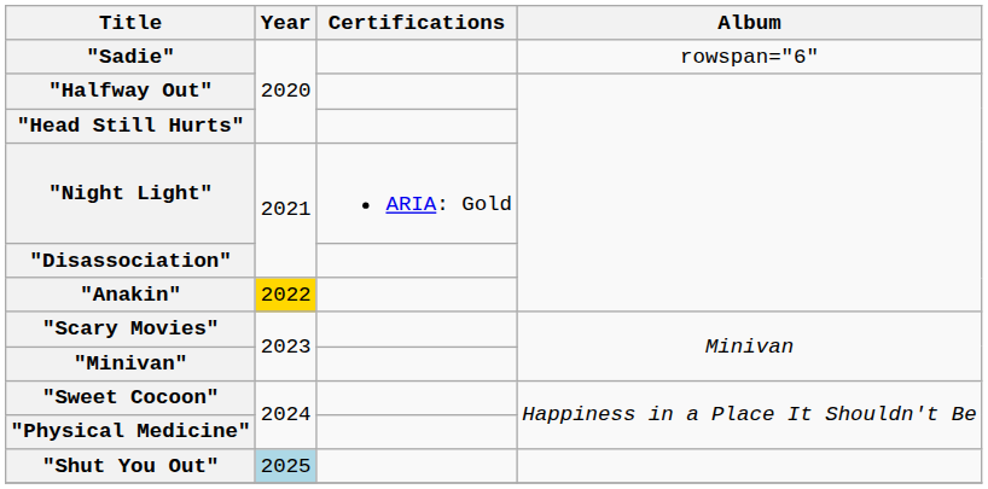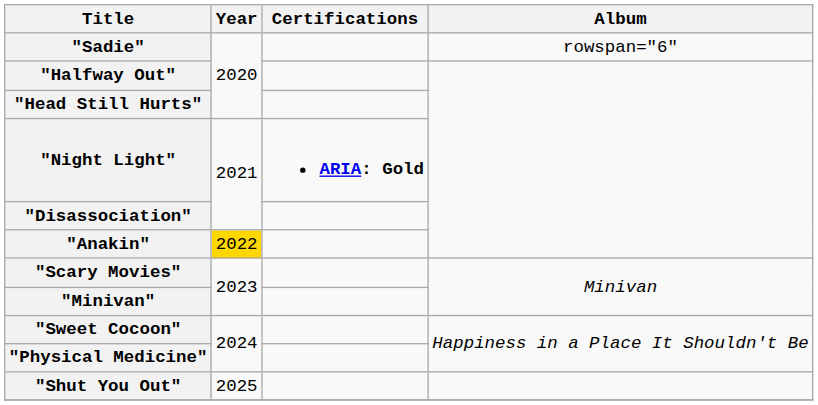 <table class="wikitable plainrowheaders" style="text-align:center;">
 <tr>
 <th scope="col">Title</th>
 <th scope="col">Year</th>
 <th scope="col">Certifications</th>
 <th scope="col">Album</th>
 </tr>
 <tr>
 <th scope="row">"Sadie"</th>
 <td rowspan="3">2020</td>
 <td></td>
 <td>rowspan="6" </td>
 </tr>
 <tr>
 <th scope="row">"Halfway Out"</th>
 <td></td>
 </tr>
 <tr>
 <th scope="row">"Head Still Hurts"</th>
 <td></td>
 </tr>
 <tr>
 <th scope="row">"Night Light"</th>
 <td rowspan="2">2021</td>
-<td><br><ul><li><a href='#'>ARIA</a>: Gold</li></ul></td>
+<td><strong><br><ul><li><a href='#'>ARIA</a>: Gold</li></ul></strong></td>
 </tr>
 <tr>
 <th scope="row">"Disassociation"</th>
 <td></td>
 </tr>
 <tr>
 <th scope="row">"Anakin"</th>
 <td style="background: gold;">2022</td>
 <td></td>
 </tr>
 <tr>
 <th scope="row">"Scary Movies"</th>
 <td rowspan="2">2023</td>
 <td></td>
 <td rowspan="2"><em>Minivan</em></td>
 </tr>
 <tr>
 <th scope="row">"Minivan"</th>
 <td></td>
 </tr>
 <tr>
 <th scope="row">"Sweet Cocoon"</th>
 <td rowspan="2">2024</td>
 <td></td>
 <td rowspan="2"><em>Happiness in a Place It Shouldn't Be</em></td>
 </tr>
 <tr>
 <th scope="row">"Physical Medicine"</th>
 <td></td>
 </tr>
 <tr>
 <th scope="row">"Shut You Out"</th>
-<td style="background: lightblue;">2025</td>
+<td>2025</td>
 <td></td>
 <td></td>
 </tr>
 <tr>
 </tr>
 </table>
